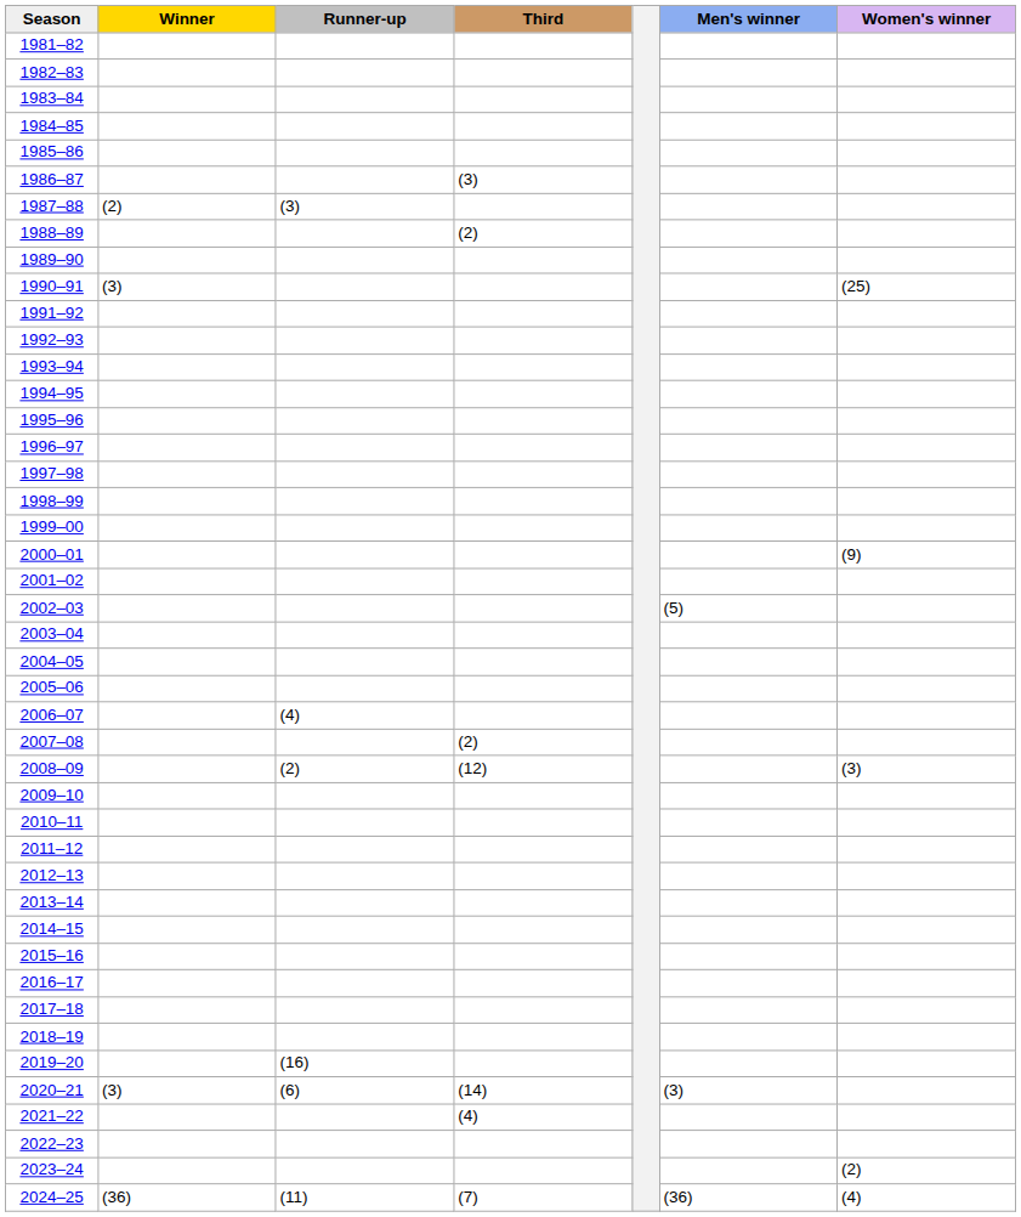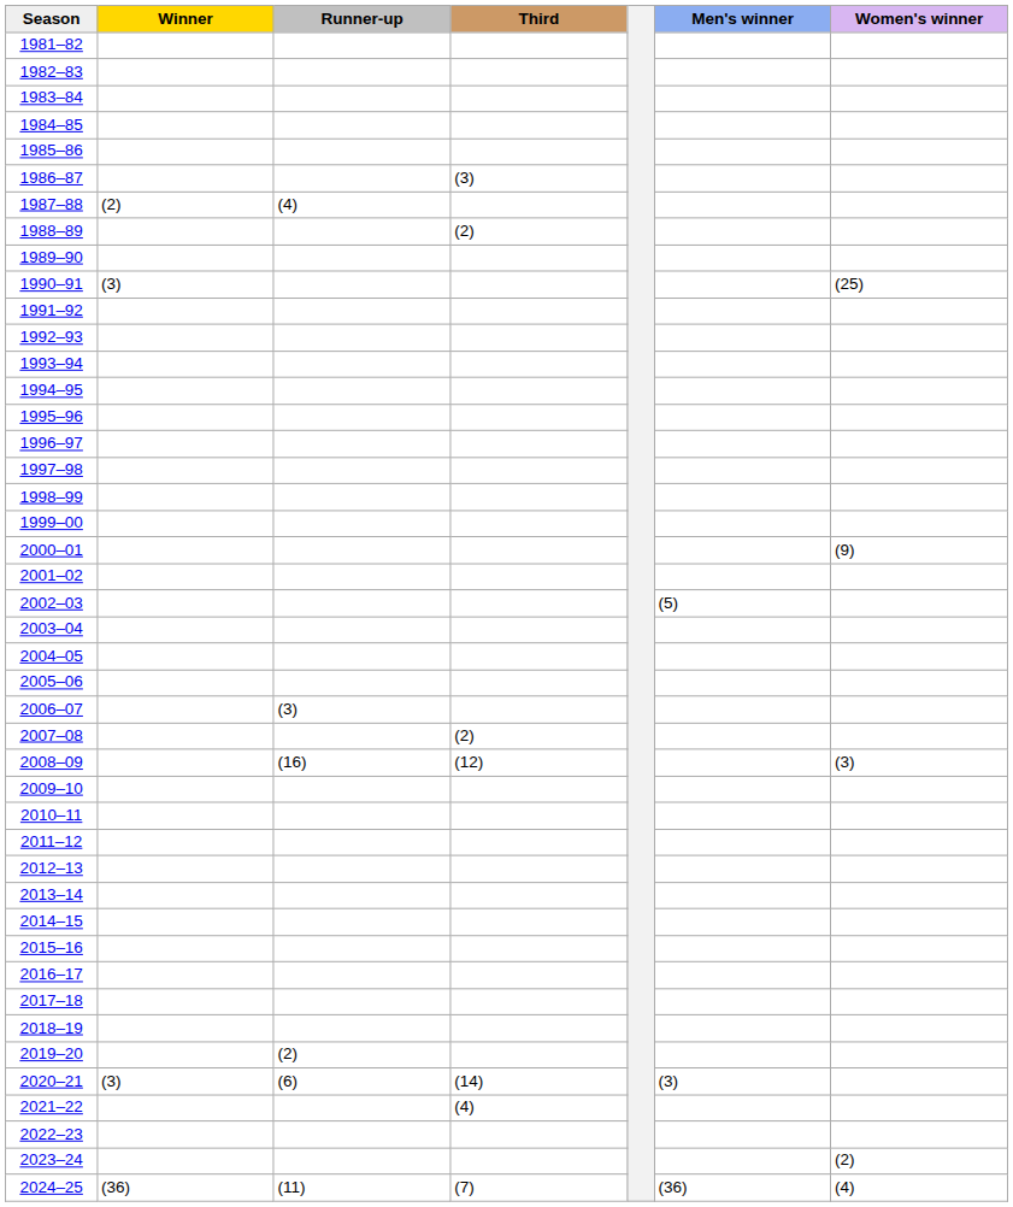 <table class="wikitable" style="background:#fff; font-size:86%; line-height:16px; border:gray solid 1px; width:850px">
 <tr style="background:#ccc; text-align:center;">
 <th style="width:10px; background:#efefef;">Season</th>
 <th style="width:100px; background:gold">Winner</th>
 <th style="width:100px; background:silver">Runner-up</th>
 <th style="width:100px; background:#c96;">Third</th>
 <th style="width:10px;" rowspan=45> </th>
 <th style="width:100px; background:#8BADF1">Men's winner</th>
 <th style="width:100px; background:#D8B6F2">Women's winner</th>
 </tr>
 <tr>
 <td align=center><a href='#'>1981–82</a></td>
 <td></td>
 <td></td>
 <td></td>
 <td></td>
 <td></td>
 </tr>
 <tr>
 <td align=center><a href='#'>1982–83</a></td>
 <td></td>
 <td></td>
 <td></td>
 <td></td>
 <td></td>
 </tr>
 <tr>
 <td align=center><a href='#'>1983–84</a></td>
 <td></td>
 <td></td>
 <td></td>
 <td></td>
 <td></td>
 </tr>
 <tr>
 <td align=center><a href='#'>1984–85</a></td>
 <td></td>
 <td></td>
 <td></td>
 <td></td>
 <td></td>
 </tr>
 <tr>
 <td align=center><a href='#'>1985–86</a></td>
 <td></td>
 <td></td>
 <td></td>
 <td></td>
 <td></td>
 </tr>
 <tr>
 <td align=center><a href='#'>1986–87</a></td>
 <td></td>
 <td></td>
 <td> (3)</td>
 <td></td>
 <td></td>
 </tr>
 <tr>
 <td align=center><a href='#'>1987–88</a></td>
 <td> (2)</td>
-<td> (3)</td>
+<td> (4)</td>
 <td></td>
 <td></td>
 <td></td>
 </tr>
 <tr>
 <td align=center><a href='#'>1988–89</a></td>
 <td></td>
 <td></td>
 <td> (2)</td>
 <td></td>
 <td></td>
 </tr>
 <tr>
 <td align=center><a href='#'>1989–90</a></td>
 <td></td>
 <td></td>
 <td></td>
 <td></td>
 <td></td>
 </tr>
 <tr>
 <td align=center><a href='#'>1990–91</a></td>
 <td> (3)</td>
 <td></td>
 <td></td>
 <td></td>
 <td> (25)</td>
 </tr>
 <tr>
 <td align=center><a href='#'>1991–92</a></td>
 <td></td>
 <td></td>
 <td></td>
 <td></td>
 <td></td>
 </tr>
 <tr>
 <td align=center><a href='#'>1992–93</a></td>
 <td></td>
 <td></td>
 <td></td>
 <td></td>
 <td></td>
 </tr>
 <tr>
 <td align=center><a href='#'>1993–94</a></td>
 <td></td>
 <td></td>
 <td></td>
 <td></td>
 <td></td>
 </tr>
 <tr>
 <td align=center><a href='#'>1994–95</a></td>
 <td></td>
 <td></td>
 <td></td>
 <td></td>
 <td></td>
 </tr>
 <tr>
 <td align=center><a href='#'>1995–96</a></td>
 <td></td>
 <td></td>
 <td></td>
 <td></td>
 <td></td>
 </tr>
 <tr>
 <td align=center><a href='#'>1996–97</a></td>
 <td></td>
 <td></td>
 <td></td>
 <td></td>
 <td></td>
 </tr>
 <tr>
 <td align=center><a href='#'>1997–98</a></td>
 <td></td>
 <td></td>
 <td></td>
 <td></td>
 <td></td>
 </tr>
 <tr>
 <td align=center><a href='#'>1998–99</a></td>
 <td></td>
 <td></td>
 <td></td>
 <td></td>
 <td></td>
 </tr>
 <tr>
 <td align=center><a href='#'>1999–00</a></td>
 <td></td>
 <td></td>
 <td></td>
 <td></td>
 <td></td>
 </tr>
 <tr>
 <td align=center><a href='#'>2000–01</a></td>
 <td></td>
 <td></td>
 <td></td>
 <td></td>
 <td> (9)</td>
 </tr>
 <tr>
 <td align=center><a href='#'>2001–02</a></td>
 <td></td>
 <td></td>
 <td></td>
 <td></td>
 <td></td>
 </tr>
 <tr>
 <td align=center><a href='#'>2002–03</a></td>
 <td></td>
 <td></td>
 <td></td>
 <td> (5)</td>
 <td></td>
 </tr>
 <tr>
 <td align=center><a href='#'>2003–04</a></td>
 <td></td>
 <td></td>
 <td></td>
 <td></td>
 <td></td>
 </tr>
 <tr>
 <td align=center><a href='#'>2004–05</a></td>
 <td></td>
 <td></td>
 <td></td>
 <td></td>
 <td></td>
 </tr>
 <tr>
 <td align=center><a href='#'>2005–06</a></td>
 <td></td>
 <td></td>
 <td></td>
 <td></td>
 <td></td>
 </tr>
 <tr>
 <td align=center><a href='#'>2006–07</a></td>
 <td></td>
-<td> (4)</td>
+<td> (3)</td>
 <td></td>
 <td></td>
 <td></td>
 </tr>
 <tr>
 <td align=center><a href='#'>2007–08</a></td>
 <td></td>
 <td></td>
 <td> (2)</td>
 <td></td>
 <td></td>
 </tr>
 <tr>
 <td align=center><a href='#'>2008–09</a></td>
 <td></td>
-<td> (2)</td>
+<td> (16)</td>
 <td> (12)</td>
 <td></td>
 <td> (3)</td>
 </tr>
 <tr>
 <td align=center><a href='#'>2009–10</a></td>
 <td></td>
 <td></td>
 <td></td>
 <td></td>
 <td></td>
 </tr>
 <tr>
 <td align=center><a href='#'>2010–11</a></td>
 <td></td>
 <td></td>
 <td></td>
 <td></td>
 <td></td>
 </tr>
 <tr>
 <td align=center><a href='#'>2011–12</a></td>
 <td></td>
 <td></td>
 <td></td>
 <td></td>
 <td></td>
 </tr>
 <tr>
 <td align=center><a href='#'>2012–13</a></td>
 <td></td>
 <td></td>
 <td></td>
 <td></td>
 <td></td>
 </tr>
 <tr>
 <td align=center><a href='#'>2013–14</a></td>
 <td></td>
 <td></td>
 <td></td>
 <td></td>
 <td></td>
 </tr>
 <tr>
 <td align=center><a href='#'>2014–15</a></td>
 <td></td>
 <td></td>
 <td></td>
 <td></td>
 <td></td>
 </tr>
 <tr>
 <td align=center><a href='#'>2015–16</a></td>
 <td></td>
 <td></td>
 <td></td>
 <td></td>
 <td></td>
 </tr>
 <tr>
 <td align=center><a href='#'>2016–17</a></td>
 <td></td>
 <td></td>
 <td></td>
 <td></td>
 <td></td>
 </tr>
 <tr>
 <td align=center><a href='#'>2017–18</a></td>
 <td></td>
 <td></td>
 <td></td>
 <td></td>
 <td></td>
 </tr>
 <tr>
 <td align=center><a href='#'>2018–19</a></td>
 <td></td>
 <td></td>
 <td></td>
 <td></td>
 <td></td>
 </tr>
 <tr>
 <td align=center><a href='#'>2019–20</a></td>
 <td></td>
-<td> (16)</td>
+<td> (2)</td>
 <td></td>
 <td></td>
 <td></td>
 </tr>
 <tr>
 <td align=center><a href='#'>2020–21</a></td>
 <td> (3)</td>
 <td> (6)</td>
 <td> (14)</td>
 <td> (3)</td>
 <td></td>
 </tr>
 <tr>
 <td align=center><a href='#'>2021–22</a></td>
 <td></td>
 <td></td>
 <td> (4)</td>
 <td></td>
 <td></td>
 </tr>
 <tr>
 <td align=center><a href='#'>2022–23</a></td>
 <td></td>
 <td></td>
 <td></td>
 <td></td>
 <td></td>
 </tr>
 <tr>
 <td align=center><a href='#'>2023–24</a></td>
 <td></td>
 <td></td>
 <td></td>
 <td></td>
 <td> (2)</td>
 </tr>
 <tr>
 <td align=center><a href='#'>2024–25</a></td>
 <td> (36)</td>
 <td> (11)</td>
 <td> (7)</td>
 <td> (36)</td>
 <td> (4)</td>
 </tr>
 </table>
